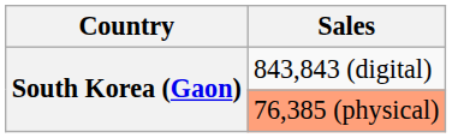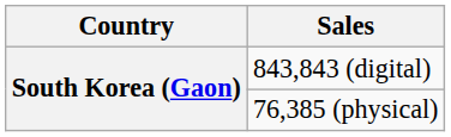 <table class="wikitable plainrowheaders">
 <tr>
 <th scope="col">Country</th>
 <th scope="col">Sales</th>
 </tr>
 <tr>
 <th scope="row" rowspan="2">South Korea (<a href='#'>Gaon</a>)</th>
 <td>843,843 (digital)</td>
 </tr>
 <tr>
-<td style="background: lightsalmon;">76,385 (physical)</td>
+<td>76,385 (physical)</td>
 </tr>
 </table>
